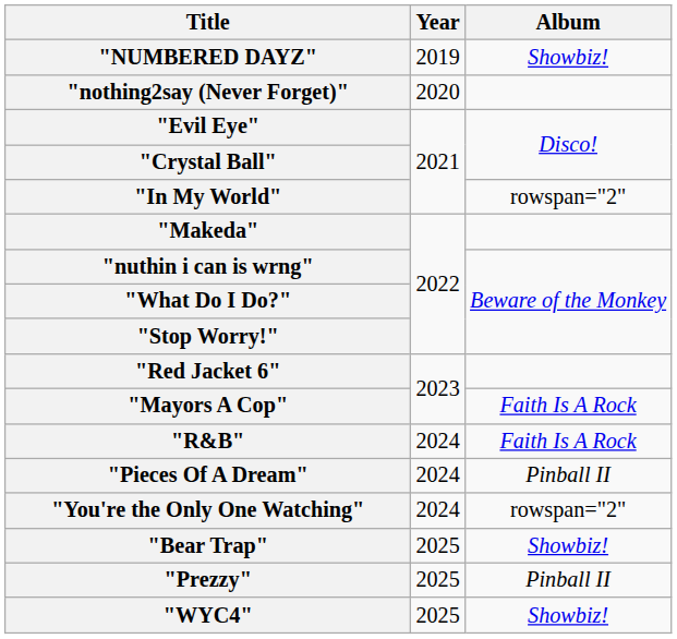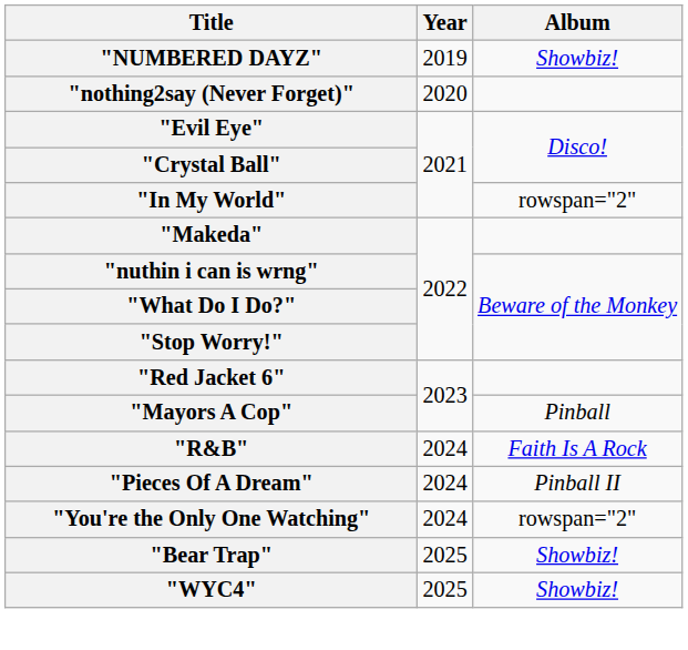 <table class="wikitable plainrowheaders" style="text-align:center;">
 <tr>
 <th scope="col" rowspan="1" style="width:18em;">Title</th>
 <th scope="col" rowspan="1">Year</th>
 <th scope="col" rowspan="1">Album</th>
 </tr>
 <tr>
 <th scope="row">"NUMBERED DAYZ"</th>
 <td>2019</td>
 <td><em><a href='#'>Showbiz!</a></em></td>
 </tr>
 <tr>
 <th scope="row">"nothing2say (Never Forget)"</th>
 <td>2020</td>
 </tr>
 <tr>
 <th scope="row">"Evil Eye"</th>
 <td rowspan="3">2021</td>
 <td rowspan="2"><em><a href='#'>Disco!</a></em></td>
 </tr>
 <tr>
 <th scope="row">"Crystal Ball"</th>
 </tr>
 <tr>
 <th scope="row">"In My World"</th>
 <td>rowspan="2" </td>
 </tr>
 <tr>
 <th scope="row">"Makeda"</th>
 <td rowspan="4">2022</td>
 </tr>
 <tr>
 <th scope="row">"nuthin i can is wrng"</th>
 <td rowspan="3"><em><a href='#'>Beware of the Monkey</a></em></td>
 </tr>
 <tr>
 <th scope="row">"What Do I Do?"</th>
 </tr>
 <tr>
 <th scope="row">"Stop Worry!" </th>
 </tr>
 <tr>
 <th scope="row">"Red Jacket 6"</th>
 <td rowspan="2">2023</td>
 <td></td>
 </tr>
 <tr>
 <th scope="row">"Mayors A Cop" </th>
-<td><em><a href='#'>Faith Is A Rock</a></em></td>
+<td><em>Pinball</em></td>
 </tr>
 <tr>
 <th scope="row">"R&B" </th>
 <td>2024</td>
 <td><em><a href='#'>Faith Is A Rock</a></em></td>
 </tr>
 <tr>
 <th scope="row">"Pieces Of A Dream"</th>
 <td>2024</td>
 <td><em>Pinball II</em></td>
 </tr>
 <tr>
 <th scope="row">"You're the Only One Watching"</th>
 <td>2024</td>
 <td>rowspan="2" </td>
 </tr>
 <tr>
 <th scope="row">"Bear Trap"</th>
 <td>2025</td>
 <td><em><a href='#'>Showbiz!</a></em></td>
 </tr>
 <tr>
-<th scope="row">"Prezzy" </th>
-<td>2025</td>
-<td><em>Pinball II</em></td>
-</tr>
-<tr>
 <th scope="row">"WYC4" </th>
 <td>2025</td>
 <td><em><a href='#'>Showbiz!</a></em></td>
 </tr>
 </table>
